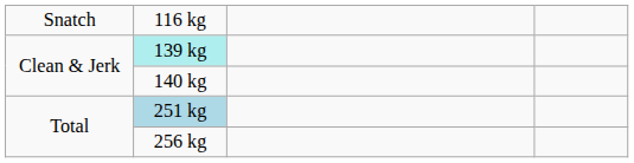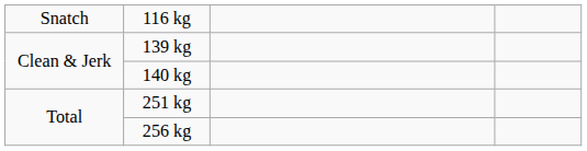 <table class = "wikitable" style="text-align:center;">
 <tr>
 <td width=100>Snatch</td>
 <td width=70>116 kg</td>
 <td width=250 align=left></td>
 <td width=70></td>
 </tr>
 <tr>
 <td rowspan=2>Clean & Jerk</td>
-<td style="background: paleturquoise;">139 kg</td>
+<td>139 kg</td>
 <td align=left></td>
 <td></td>
 </tr>
 <tr>
 <td>140 kg</td>
 <td align=left></td>
 <td></td>
 </tr>
 <tr>
 <td rowspan=2>Total</td>
-<td style="background: lightblue;">251 kg</td>
+<td>251 kg</td>
 <td align=left></td>
 <td></td>
 </tr>
 <tr>
 <td>256 kg</td>
 <td align=left></td>
 <td></td>
 </tr>
 </table>
